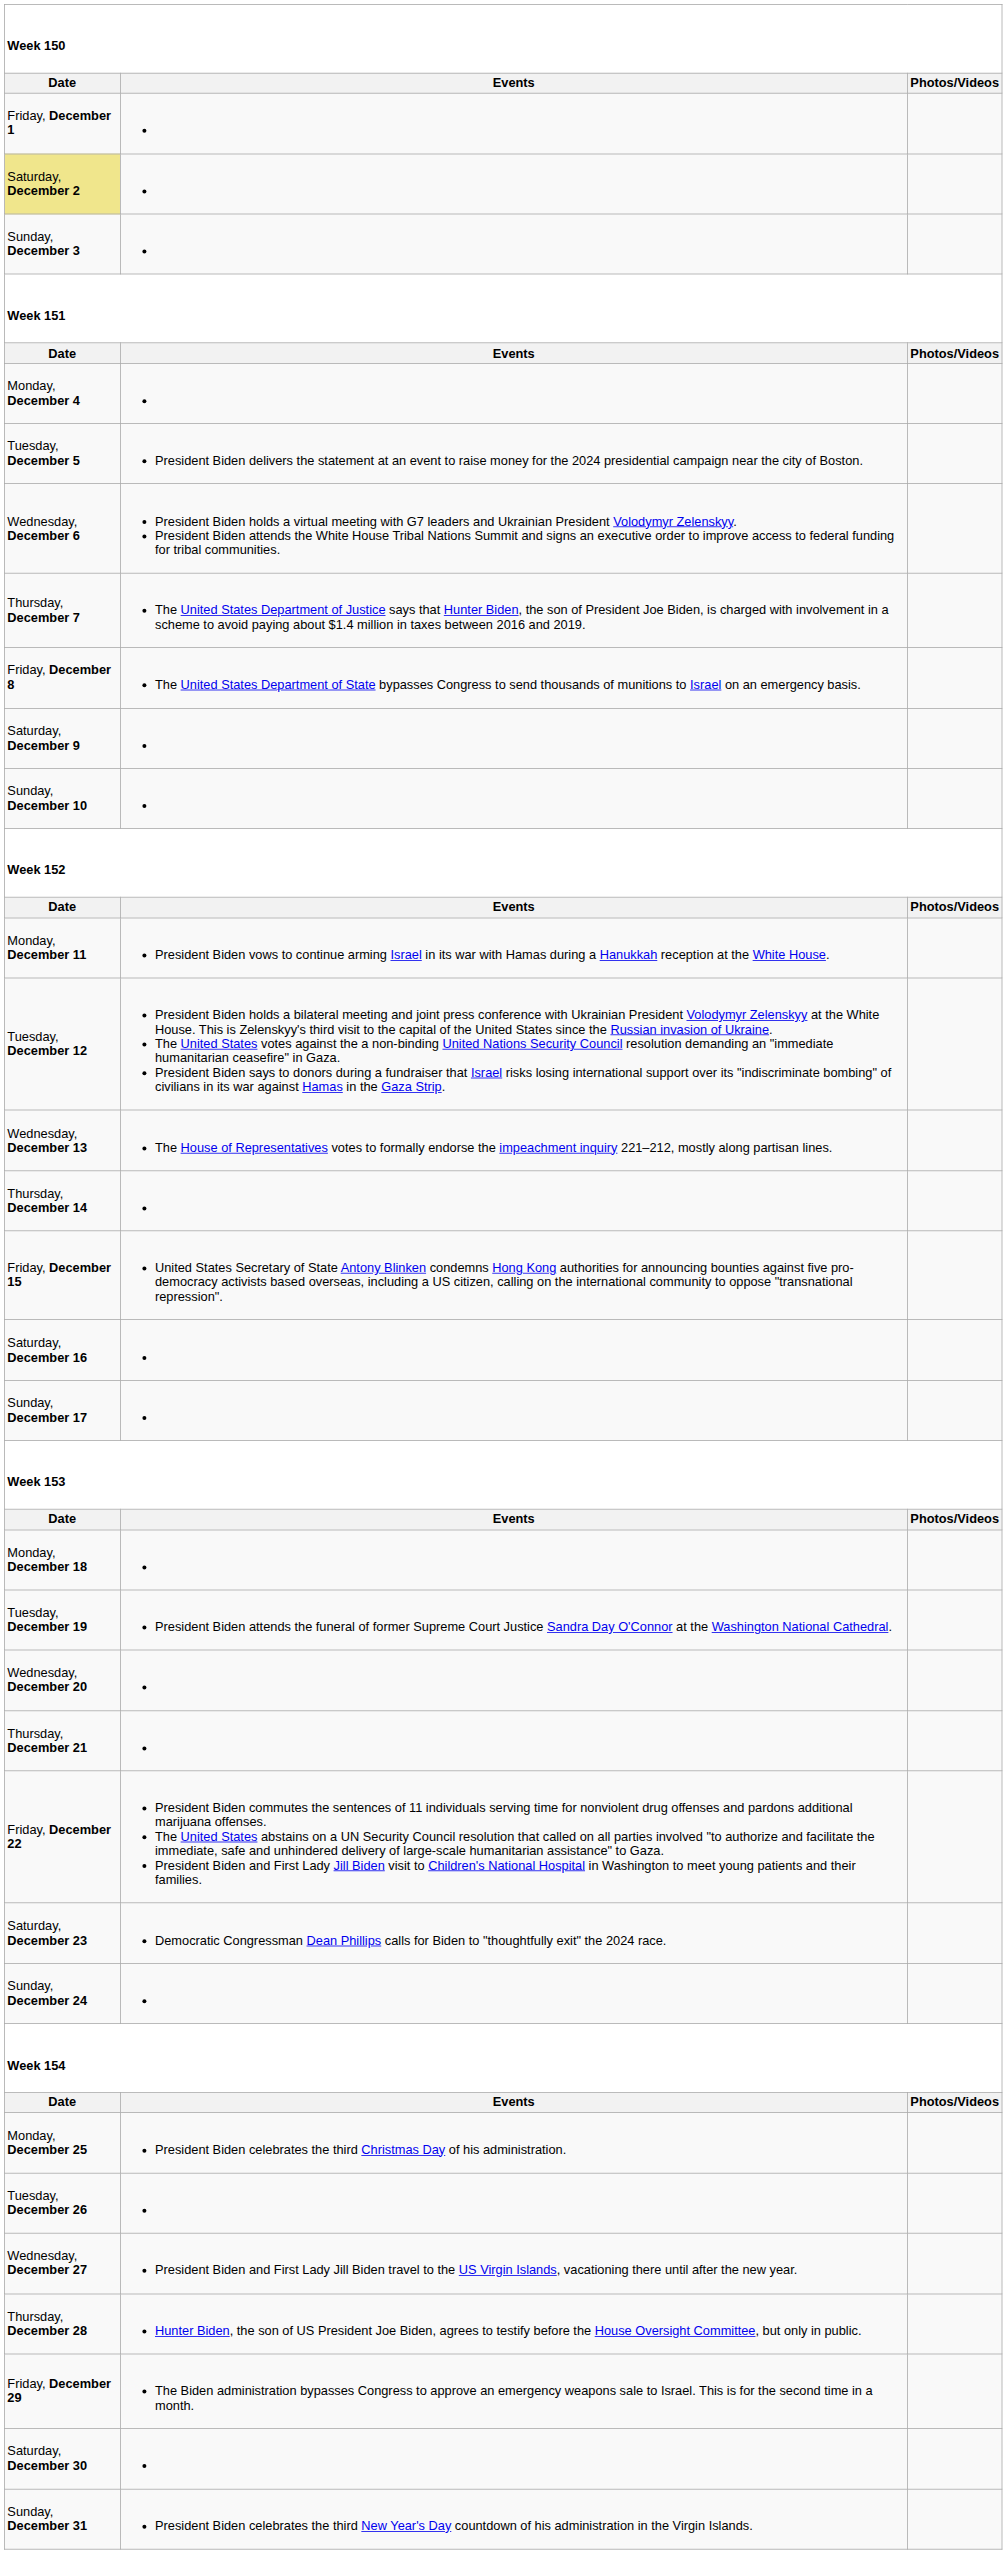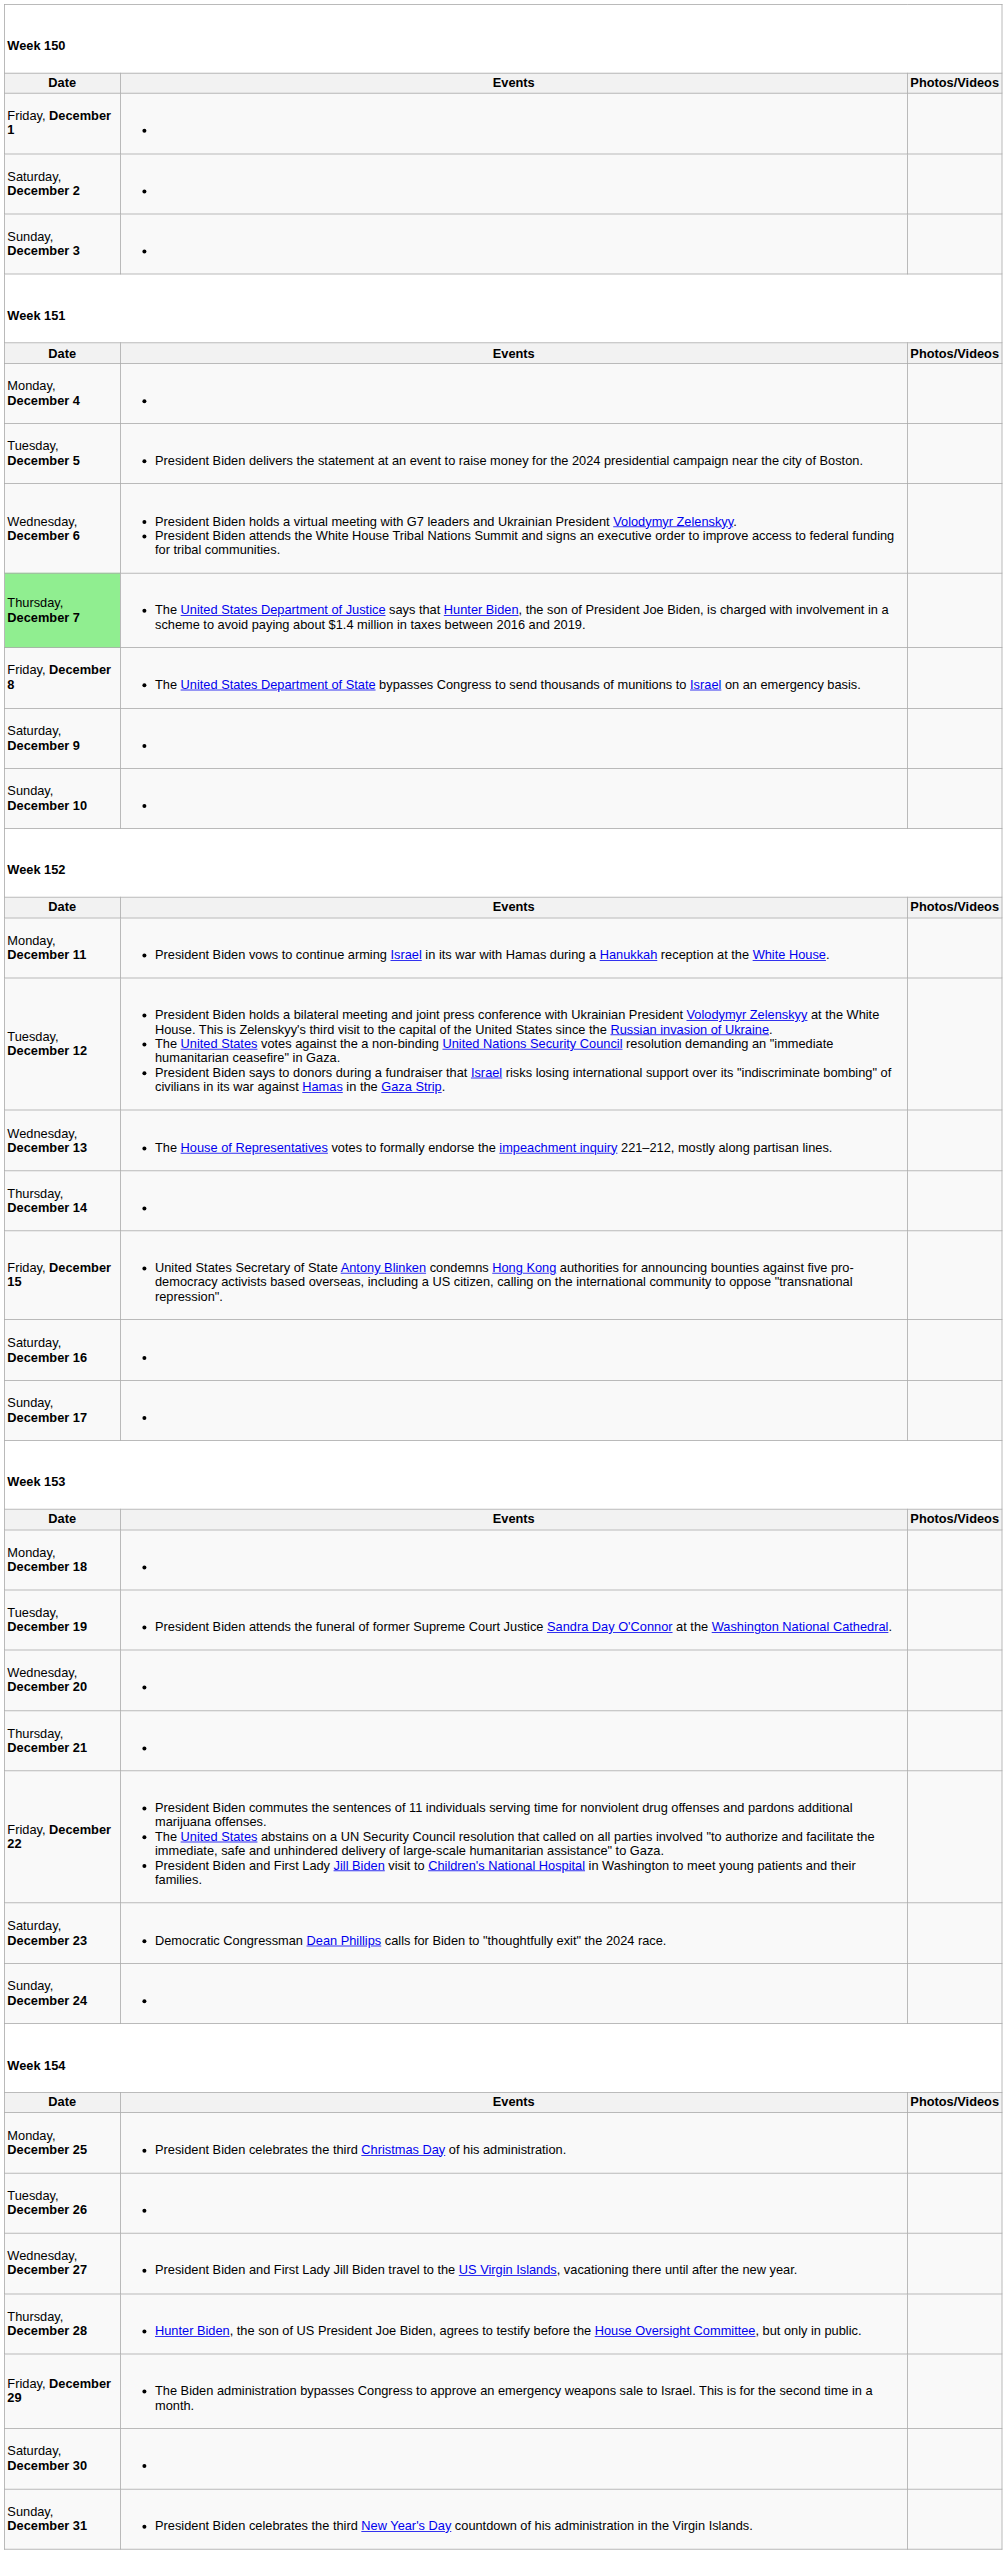 <table class="wikitable">
 <tr style="background:white;">
 <td colspan="3"><br><h4>Week 150</h4></td>
 </tr>
 <tr>
 <th>Date</th>
 <th>Events</th>
 <th>Photos/Videos</th>
 </tr>
 <tr>
 <td>Friday, <strong>December 1</strong></td>
 <td><br><ul><li></li></ul></td>
 <td></td>
 </tr>
 <tr>
-<td style="background: khaki;">Saturday, <strong>December 2</strong></td>
+<td>Saturday, <strong>December 2</strong></td>
 <td><br><ul><li></li></ul></td>
 <td></td>
 </tr>
 <tr>
 <td>Sunday, <strong>December 3</strong></td>
 <td><br><ul><li></li></ul></td>
 <td></td>
 </tr>
 <tr style="background:white;">
 <td colspan="3"><br><h4>Week 151</h4></td>
 </tr>
 <tr>
 <th>Date</th>
 <th>Events</th>
 <th>Photos/Videos</th>
 </tr>
 <tr>
 <td>Monday, <strong>December 4</strong></td>
 <td><br><ul><li></li></ul></td>
 <td></td>
 </tr>
 <tr>
 <td>Tuesday, <strong>December 5</strong></td>
 <td><br><ul><li>President Biden delivers the statement at an event to raise money for the 2024 presidential campaign near the city of Boston.</li></ul></td>
 <td></td>
 </tr>
 <tr>
 <td>Wednesday, <strong>December 6</strong></td>
 <td><br><ul><li>President Biden holds a virtual meeting with G7 leaders and Ukrainian President <a href='#'>Volodymyr Zelenskyy</a>.</li><li>President Biden attends the White House Tribal Nations Summit and signs an executive order to improve access to federal funding for tribal communities.</li></ul></td>
 <td><br></td>
 </tr>
 <tr>
-<td>Thursday, <strong>December 7</strong></td>
+<td style="background: lightgreen;">Thursday, <strong>December 7</strong></td>
 <td><br><ul><li>The <a href='#'>United States Department of Justice</a> says that <a href='#'>Hunter Biden</a>, the son of President Joe Biden, is charged with involvement in a scheme to avoid paying about $1.4 million in taxes between 2016 and 2019.</li></ul></td>
 <td></td>
 </tr>
 <tr>
 <td>Friday, <strong>December 8</strong></td>
 <td><br><ul><li>The <a href='#'>United States Department of State</a> bypasses Congress to send thousands of munitions to <a href='#'>Israel</a> on an emergency basis.</li></ul></td>
 <td></td>
 </tr>
 <tr>
 <td>Saturday, <strong>December 9</strong></td>
 <td><br><ul><li></li></ul></td>
 <td></td>
 </tr>
 <tr>
 <td>Sunday, <strong>December 10</strong></td>
 <td><br><ul><li></li></ul></td>
 <td></td>
 </tr>
 <tr style="background:white;">
 <td colspan="3"><br><h4>Week 152</h4></td>
 </tr>
 <tr>
 <th>Date</th>
 <th>Events</th>
 <th>Photos/Videos</th>
 </tr>
 <tr>
 <td>Monday, <strong>December 11</strong></td>
 <td><br><ul><li>President Biden vows to continue arming <a href='#'>Israel</a> in its war with Hamas during a <a href='#'>Hanukkah</a> reception at the <a href='#'>White House</a>.</li></ul></td>
 <td></td>
 </tr>
 <tr>
 <td>Tuesday, <strong>December 12</strong></td>
 <td><br><ul><li>President Biden holds a bilateral meeting and joint press conference with Ukrainian President <a href='#'>Volodymyr Zelenskyy</a> at the White House. This is Zelenskyy's third visit to the capital of the United States since the <a href='#'>Russian invasion of Ukraine</a>.</li><li>The <a href='#'>United States</a> votes against the a non-binding <a href='#'>United Nations Security Council</a> resolution demanding an "immediate humanitarian ceasefire" in Gaza.</li><li>President Biden says to donors during a fundraiser that <a href='#'>Israel</a> risks losing international support over its "indiscriminate bombing" of civilians in its war against <a href='#'>Hamas</a> in the <a href='#'>Gaza Strip</a>.</li></ul></td>
 <td></td>
 </tr>
 <tr>
 <td>Wednesday, <strong>December 13</strong></td>
 <td><br><ul><li>The <a href='#'>House of Representatives</a> votes to formally endorse the <a href='#'>impeachment inquiry</a> 221–212, mostly along partisan lines.</li></ul></td>
 <td></td>
 </tr>
 <tr>
 <td>Thursday, <strong>December 14</strong></td>
 <td><br><ul><li></li></ul></td>
 <td></td>
 </tr>
 <tr>
 <td>Friday, <strong>December 15</strong></td>
 <td><br><ul><li>United States Secretary of State <a href='#'>Antony Blinken</a> condemns <a href='#'>Hong Kong</a> authorities for announcing bounties against five pro-democracy activists based overseas, including a US citizen, calling on the international community to oppose "transnational repression".</li></ul></td>
 <td></td>
 </tr>
 <tr>
 <td>Saturday, <strong>December 16</strong></td>
 <td><br><ul><li></li></ul></td>
 <td></td>
 </tr>
 <tr>
 <td>Sunday, <strong>December 17</strong></td>
 <td><br><ul><li></li></ul></td>
 <td></td>
 </tr>
 <tr style="background:white;">
 <td colspan="3"><br><h4>Week 153</h4></td>
 </tr>
 <tr>
 <th>Date</th>
 <th>Events</th>
 <th>Photos/Videos</th>
 </tr>
 <tr>
 <td>Monday, <strong>December 18</strong></td>
 <td><br><ul><li></li></ul></td>
 <td></td>
 </tr>
 <tr>
 <td>Tuesday, <strong>December 19</strong></td>
 <td><br><ul><li>President Biden attends the funeral of former Supreme Court Justice <a href='#'>Sandra Day O'Connor</a> at the <a href='#'>Washington National Cathedral</a>.</li></ul></td>
 <td></td>
 </tr>
 <tr>
 <td>Wednesday, <strong>December 20</strong></td>
 <td><br><ul><li></li></ul></td>
 <td></td>
 </tr>
 <tr>
 <td>Thursday, <strong>December 21</strong></td>
 <td><br><ul><li></li></ul></td>
 <td></td>
 </tr>
 <tr>
 <td>Friday, <strong>December 22</strong></td>
 <td><br><ul><li>President Biden commutes the sentences of 11 individuals serving time for nonviolent drug offenses and pardons additional marijuana offenses.</li><li>The <a href='#'>United States</a> abstains on a UN Security Council resolution that called on all parties involved "to authorize and facilitate the immediate, safe and unhindered delivery of large-scale humanitarian assistance" to Gaza.</li><li>President Biden and First Lady <a href='#'>Jill Biden</a> visit to <a href='#'>Children's National Hospital</a> in Washington to meet young patients and their families.</li></ul></td>
 <td></td>
 </tr>
 <tr>
 <td>Saturday, <strong>December 23</strong></td>
 <td><br><ul><li>Democratic Congressman <a href='#'>Dean Phillips</a> calls for Biden to "thoughtfully exit" the 2024 race.</li></ul></td>
 <td></td>
 </tr>
 <tr>
 <td>Sunday, <strong>December 24</strong></td>
 <td><br><ul><li></li></ul></td>
 <td></td>
 </tr>
 <tr style="background:white;">
 <td colspan="3"><br><h4>Week 154</h4></td>
 </tr>
 <tr>
 <th>Date</th>
 <th>Events</th>
 <th>Photos/Videos</th>
 </tr>
 <tr>
 <td>Monday, <strong>December 25</strong></td>
 <td><br><ul><li>President Biden celebrates the third <a href='#'>Christmas Day</a> of his administration.</li></ul></td>
 <td></td>
 </tr>
 <tr>
 <td>Tuesday, <strong>December 26</strong></td>
 <td><br><ul><li></li></ul></td>
 <td></td>
 </tr>
 <tr>
 <td>Wednesday, <strong>December 27</strong></td>
 <td><br><ul><li>President Biden and First Lady Jill Biden travel to the <a href='#'>US Virgin Islands</a>, vacationing there until after the new year.</li></ul></td>
 <td></td>
 </tr>
 <tr>
 <td>Thursday, <strong>December 28</strong></td>
 <td><br><ul><li><a href='#'>Hunter Biden</a>, the son of US President Joe Biden, agrees to testify before the <a href='#'>House Oversight Committee</a>, but only in public.</li></ul></td>
 <td></td>
 </tr>
 <tr>
 <td>Friday, <strong>December 29</strong></td>
 <td><br><ul><li>The Biden administration bypasses Congress to approve an emergency weapons sale to Israel. This is for the second time in a month.</li></ul></td>
 <td></td>
 </tr>
 <tr>
 <td>Saturday, <strong>December 30</strong></td>
 <td><br><ul><li></li></ul></td>
 <td></td>
 </tr>
 <tr>
 <td>Sunday, <strong>December 31</strong></td>
 <td><br><ul><li>President Biden celebrates the third <a href='#'>New Year's Day</a> countdown of his administration in the Virgin Islands.</li></ul></td>
 <td></td>
 </tr>
 </table>
